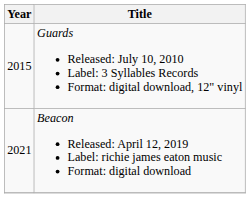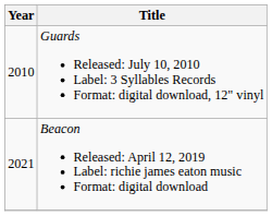 <table class="wikitable">
 <tr>
 <th>Year</th>
 <th>Title</th>
 </tr>
 <tr>
-<td>2015</td>
+<td>2010</td>
 <td><em>Guards</em><br><ul><li>Released: July 10, 2010</li><li>Label: 3 Syllables Records</li><li>Format: digital download, 12" vinyl</li></ul></td>
 </tr>
 <tr>
 <td>2021</td>
 <td><em>Beacon</em><br><ul><li>Released: April 12, 2019</li><li>Label: richie james eaton music</li><li>Format: digital download</li></ul></td>
 </tr>
 <tr>
 </tr>
 </table>
